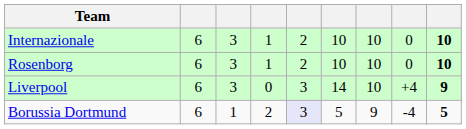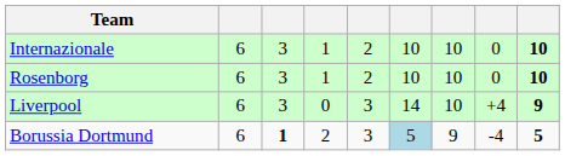 <table class="wikitable" style="text-align:center">
 <tr>
 <th width="180">Team</th>
 <th width="30"></th>
 <th width="30"></th>
 <th width="30"></th>
 <th width="30"></th>
 <th width="30"></th>
 <th width="30"></th>
 <th width="30"></th>
 <th width="30"></th>
 </tr>
 <tr style="background:#cfc;">
 <td align=left> <a href='#'>Internazionale</a></td>
 <td>6</td>
 <td>3</td>
 <td>1</td>
 <td>2</td>
 <td>10</td>
 <td>10</td>
 <td>0</td>
 <td><strong>10</strong></td>
 </tr>
 <tr style="background:#cfc;">
 <td align=left> <a href='#'>Rosenborg</a></td>
 <td>6</td>
 <td>3</td>
 <td>1</td>
 <td>2</td>
 <td>10</td>
 <td>10</td>
 <td>0</td>
 <td><strong>10</strong></td>
 </tr>
 <tr style="background:#cfc;">
 <td align=left> <a href='#'>Liverpool</a></td>
 <td>6</td>
 <td>3</td>
 <td>0</td>
 <td>3</td>
 <td>14</td>
 <td>10</td>
 <td>+4</td>
 <td><strong>9</strong></td>
 </tr>
 <tr>
 <td align=left> <a href='#'>Borussia Dortmund</a></td>
 <td>6</td>
-<td>1</td>
+<td><strong>1</strong></td>
 <td>2</td>
-<td style="background: lavender;">3</td>
-<td>5</td>
+<td>3</td>
+<td style="background: lightblue;">5</td>
 <td>9</td>
 <td>-4</td>
 <td><strong>5</strong></td>
 </tr>
 </table>
